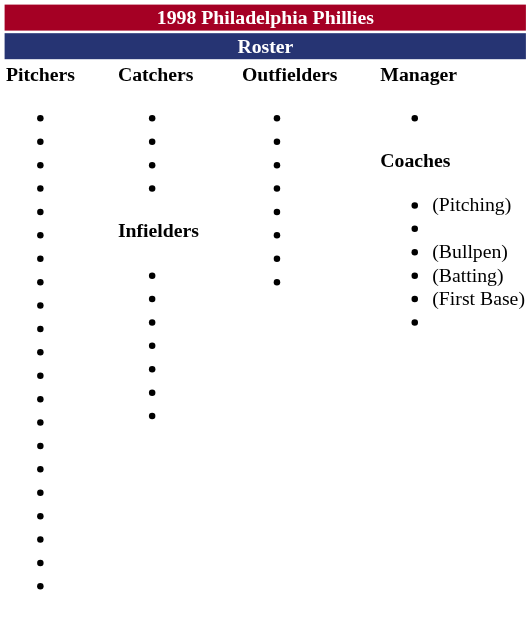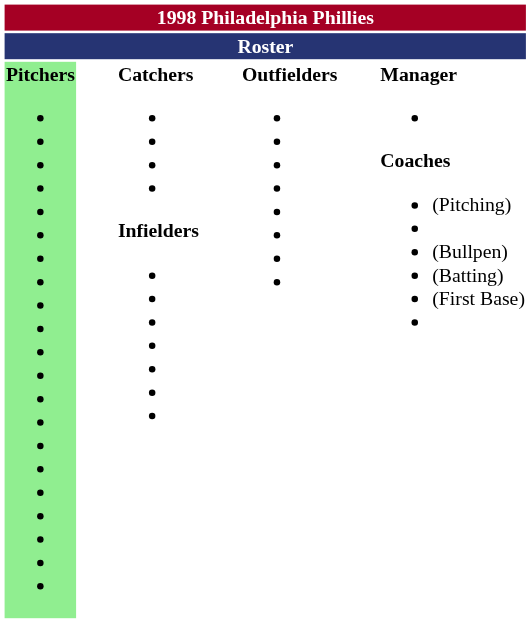 <table class="toccolours" style="font-size: 95%;">
 <tr>
 <th colspan="10" style="background:#a50024; color:#fff; text-align:center;">1998 Philadelphia Phillies</th>
 </tr>
 <tr>
 <td colspan="10" style="background:#263473; color:white; text-align:center;"><strong>Roster</strong></td>
 </tr>
 <tr>
-<td valign="top"><strong>Pitchers</strong><br><ul><li></li><li></li><li></li><li></li><li></li><li></li><li></li><li></li><li></li><li></li><li></li><li></li><li></li><li></li><li></li><li></li><li></li><li></li><li></li><li></li><li></li></ul></td>
+<td valign="top" style="background: lightgreen;"><strong>Pitchers</strong><br><ul><li></li><li></li><li></li><li></li><li></li><li></li><li></li><li></li><li></li><li></li><li></li><li></li><li></li><li></li><li></li><li></li><li></li><li></li><li></li><li></li><li></li></ul></td>
 <td style="width:25px;"></td>
 <td valign="top"><strong>Catchers</strong><br><ul><li></li><li></li><li></li><li></li></ul><strong>Infielders</strong><ul><li></li><li></li><li></li><li></li><li></li><li></li><li></li></ul></td>
 <td style="width:25px;"></td>
 <td valign="top"><strong>Outfielders</strong><br><ul><li></li><li></li><li></li><li></li><li></li><li></li><li></li><li></li></ul></td>
 <td style="width:25px;"></td>
 <td valign="top"><strong>Manager</strong><br><ul><li></li></ul><strong>Coaches</strong><ul><li>  (Pitching)</li><li></li><li>  (Bullpen)</li><li>  (Batting)</li><li> (First Base)</li><li></li></ul></td>
 </tr>
 </table>
